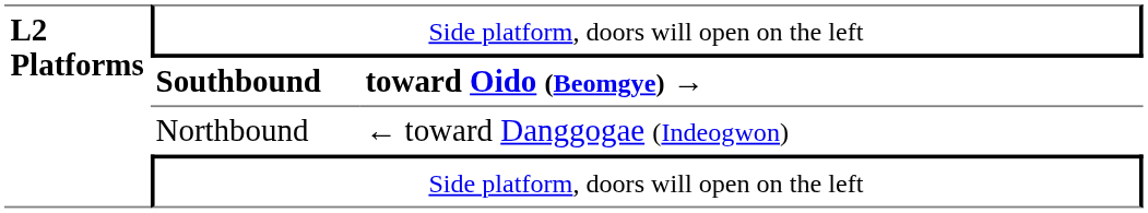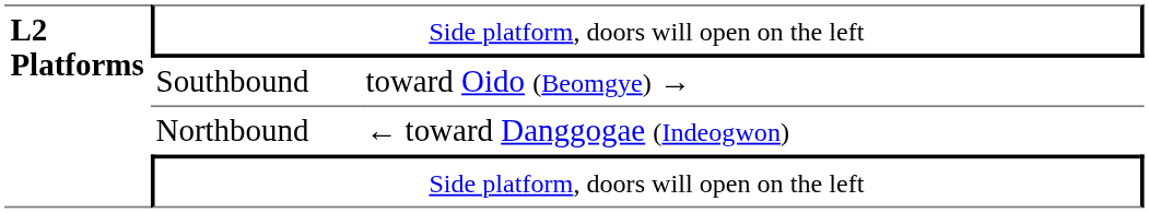 <table table border=0 cellspacing=0 cellpadding=3>
 <tr>
 <td style="border-top:solid 1px gray;border-bottom:solid 1px gray;" width=50 rowspan=10 valign=top><strong>L2<br>Platforms</strong></td>
 <td style="border-top:solid 1px gray;border-right:solid 2px black;border-left:solid 2px black;border-bottom:solid 2px black;text-align:center;" colspan=2><small><a href='#'>Side platform</a>, doors will open on the left</small></td>
 </tr>
 <tr>
-<td><strong>Southbound</strong></td>
-<td><strong>  toward <a href='#'>Oido</a> <small>(<a href='#'>Beomgye</a>)</small> →</strong></td>
+<td>Southbound</td>
+<td>  toward <a href='#'>Oido</a> <small>(<a href='#'>Beomgye</a>)</small> →</td>
 </tr>
 <tr>
 <td style="border-bottom:solid 0px gray;border-top:solid 1px gray;" width=100>Northbound</td>
 <td style="border-bottom:solid 0px gray;border-top:solid 1px gray;" width=390>←  toward <a href='#'>Danggogae</a> <small>(<a href='#'>Indeogwon</a>)</small></td>
 </tr>
 <tr>
 <td style="border-top:solid 2px black;border-right:solid 2px black;border-left:solid 2px black;border-bottom:solid 1px gray;text-align:center;" colspan=2><small><a href='#'>Side platform</a>, doors will open on the left</small></td>
 </tr>
 </table>
